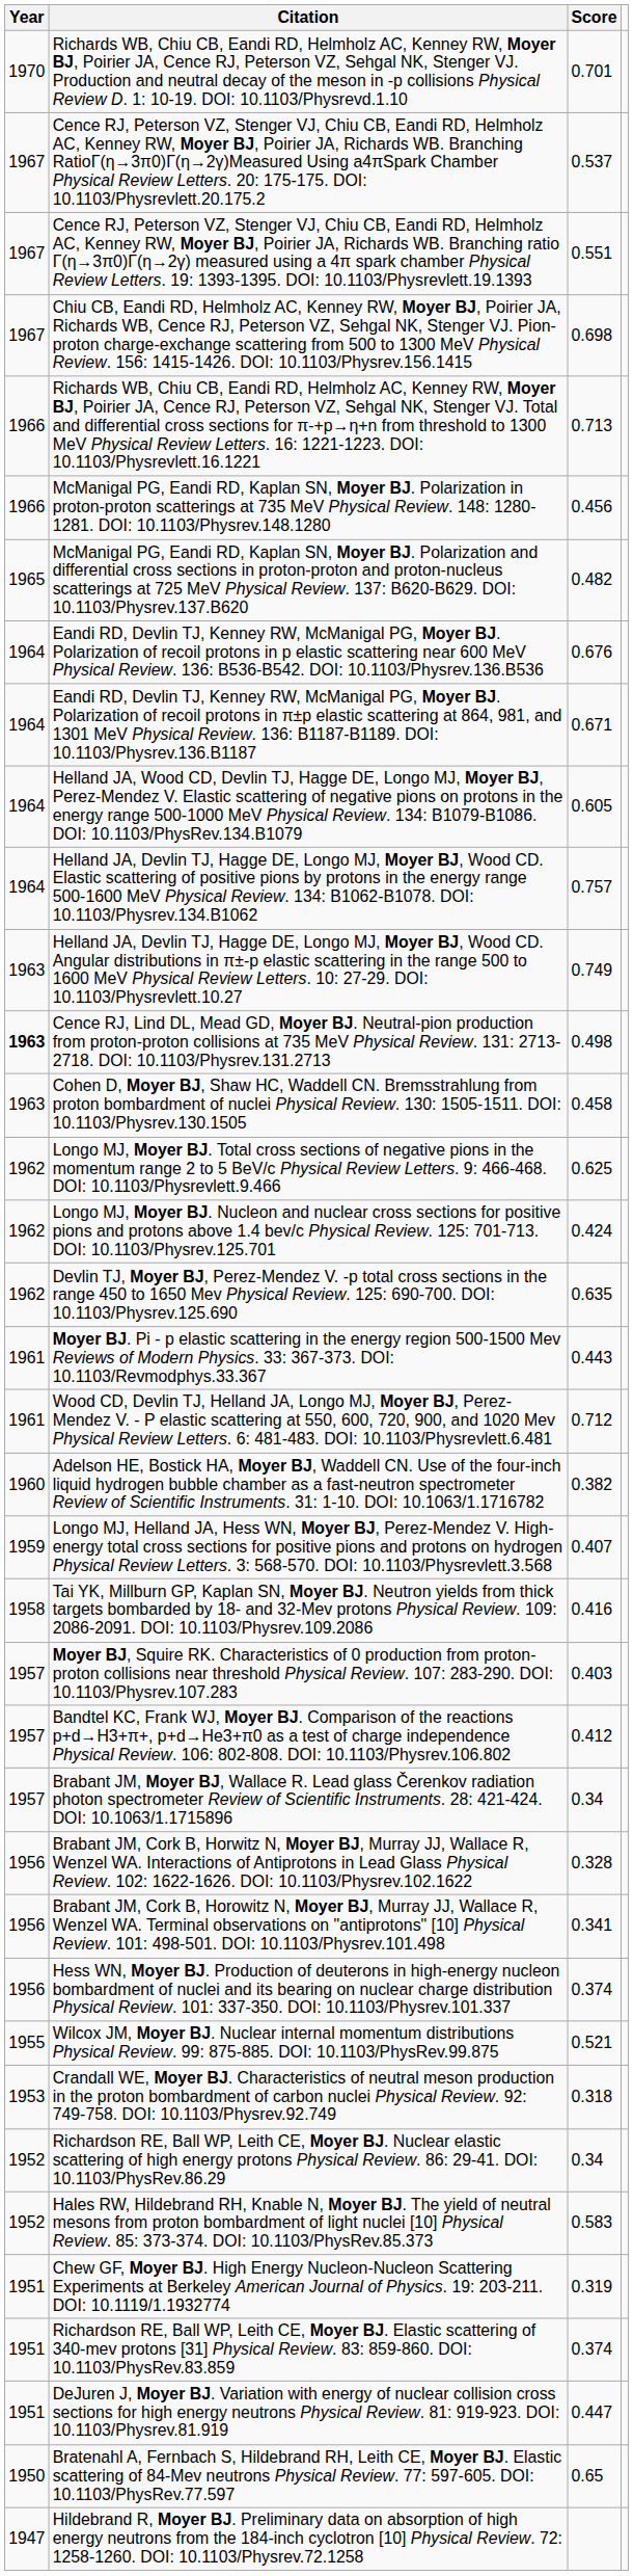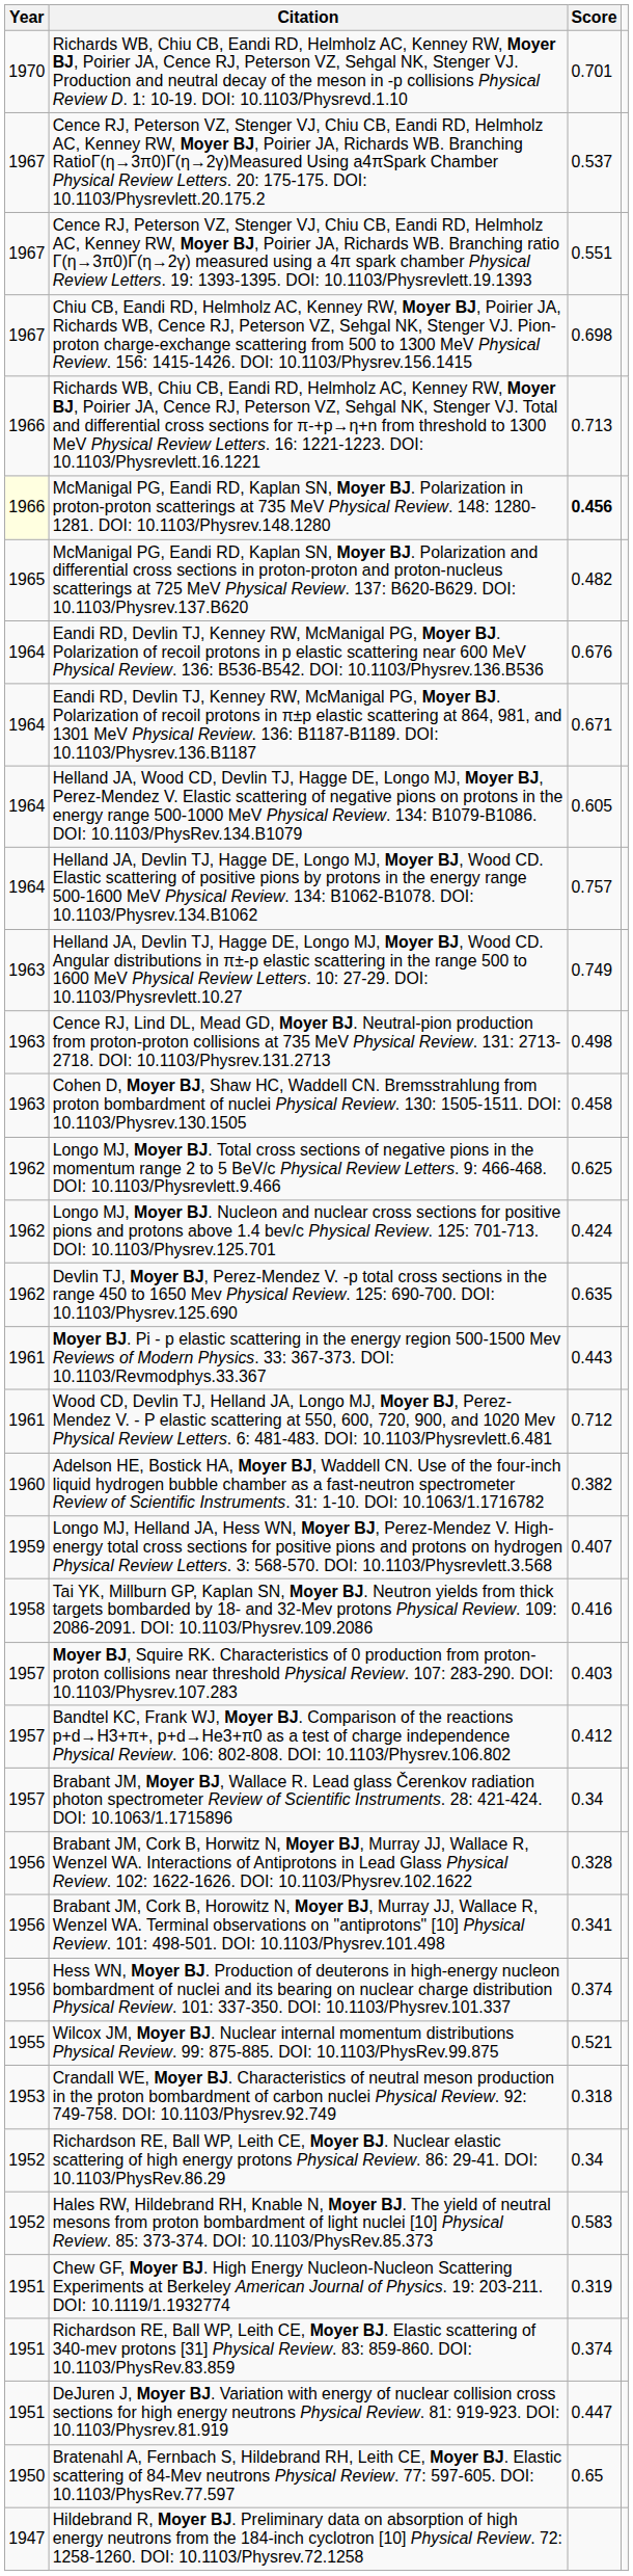 <table class="wikitable">
 <tr>
 <th>Year</th>
 <th>Citation</th>
 <th>Score</th>
 </tr>
 <tr>
 <td>1970</td>
 <td>Richards WB, Chiu CB, Eandi RD, Helmholz AC, Kenney RW, <strong>Moyer  BJ</strong>, Poirier JA, Cence RJ, Peterson VZ, Sehgal NK, Stenger VJ. Production  and neutral decay of the meson in -p collisions <em>Physical Review D</em>. 1:  10-19. DOI: 10.1103/Physrevd.1.10</td>
 <td>0.701</td>
 <td></td>
 </tr>
 <tr>
 <td>1967</td>
 <td>Cence RJ, Peterson  VZ, Stenger VJ, Chiu CB, Eandi RD,  Helmholz AC, Kenney RW, <strong>Moyer BJ</strong>, Poirier JA, Richards WB. Branching  RatioΓ(η→3π0)Γ(η→2γ)Measured Using a4πSpark Chamber <em>Physical Review  Letters</em>. 20: 175-175. DOI: 10.1103/Physrevlett.20.175.2</td>
 <td>0.537</td>
 <td></td>
 </tr>
 <tr>
 <td>1967</td>
 <td>Cence RJ, Peterson  VZ, Stenger VJ, Chiu CB, Eandi RD,  Helmholz AC, Kenney RW, <strong>Moyer BJ</strong>, Poirier JA, Richards WB.  Branching ratio Γ(η→3π0)Γ(η→2γ) measured using a 4π spark chamber <em>Physical  Review Letters</em>. 19: 1393-1395. DOI: 10.1103/Physrevlett.19.1393</td>
 <td>0.551</td>
 <td></td>
 </tr>
 <tr>
 <td>1967</td>
 <td>Chiu CB, Eandi RD, Helmholz AC, Kenney RW, <strong>Moyer  BJ</strong>, Poirier JA, Richards WB,  Cence RJ, Peterson VZ, Sehgal NK, Stenger VJ. Pion-proton charge-exchange  scattering from 500 to 1300 MeV <em>Physical Review</em>. 156: 1415-1426. DOI: 10.1103/Physrev.156.1415</td>
 <td>0.698</td>
 <td></td>
 </tr>
 <tr>
 <td>1966</td>
 <td>Richards WB, Chiu CB, Eandi RD, Helmholz AC, Kenney RW, <strong>Moyer  BJ</strong>, Poirier JA, Cence RJ, Peterson VZ, Sehgal NK, Stenger VJ. Total and  differential cross sections for π-+p→η+n from threshold to 1300 MeV <em>Physical  Review Letters</em>. 16: 1221-1223. DOI: 10.1103/Physrevlett.16.1221</td>
 <td>0.713</td>
 <td></td>
 </tr>
 <tr>
-<td>1966</td>
+<td style="background: lightyellow;">1966</td>
 <td>McManigal PG,  Eandi RD, Kaplan SN, <strong>Moyer BJ</strong>. Polarization in proton-proton  scatterings at 735 MeV <em>Physical Review</em>. 148: 1280-1281. DOI: 10.1103/Physrev.148.1280</td>
-<td>0.456</td>
+<td><strong>0.456</strong></td>
 <td></td>
 </tr>
 <tr>
 <td>1965</td>
 <td>McManigal PG,  Eandi RD, Kaplan SN, <strong>Moyer BJ</strong>. Polarization and differential cross  sections in proton-proton and proton-nucleus scatterings at 725 MeV <em>Physical  Review</em>. 137: B620-B629. DOI: 10.1103/Physrev.137.B620</td>
 <td>0.482</td>
 <td></td>
 </tr>
 <tr>
 <td>1964</td>
 <td>Eandi RD, Devlin TJ, Kenney RW,  McManigal PG, <strong>Moyer BJ</strong>. Polarization of recoil protons in p elastic  scattering near 600 MeV <em>Physical Review</em>. 136: B536-B542. DOI: 10.1103/Physrev.136.B536</td>
 <td>0.676</td>
 <td></td>
 </tr>
 <tr>
 <td>1964</td>
 <td>Eandi RD, Devlin TJ, Kenney RW,  McManigal PG, <strong>Moyer BJ</strong>. Polarization of recoil protons in π±p elastic  scattering at 864, 981, and 1301 MeV <em>Physical Review</em>. 136:  B1187-B1189. DOI: 10.1103/Physrev.136.B1187</td>
 <td>0.671</td>
 <td></td>
 </tr>
 <tr>
 <td>1964</td>
 <td>Helland JA, Wood  CD, Devlin TJ, Hagge DE, Longo  MJ, <strong>Moyer BJ</strong>, Perez-Mendez V. Elastic scattering of negative pions on  protons in the energy range 500-1000 MeV <em>Physical Review</em>. 134:  B1079-B1086. DOI: 10.1103/PhysRev.134.B1079</td>
 <td>0.605</td>
 <td></td>
 </tr>
 <tr>
 <td>1964</td>
 <td>Helland JA, Devlin TJ, Hagge DE, Longo MJ, <strong>Moyer BJ</strong>,  Wood CD. Elastic scattering of positive pions by protons in the energy range  500-1600 MeV <em>Physical Review</em>. 134: B1062-B1078. DOI: 10.1103/Physrev.134.B1062</td>
 <td>0.757</td>
 <td></td>
 </tr>
 <tr>
 <td>1963</td>
 <td>Helland JA, Devlin TJ, Hagge DE, Longo MJ, <strong>Moyer BJ</strong>,  Wood CD. Angular distributions in π±-p elastic scattering in the range 500 to  1600 MeV <em>Physical Review Letters</em>. 10: 27-29. DOI: 10.1103/Physrevlett.10.27</td>
 <td>0.749</td>
 <td></td>
 </tr>
 <tr>
-<td><strong>1963</strong></td>
+<td>1963</td>
 <td>Cence RJ, Lind DL,  Mead GD, <strong>Moyer BJ</strong>. Neutral-pion production from proton-proton  collisions at 735 MeV <em>Physical Review</em>. 131: 2713-2718. DOI: 10.1103/Physrev.131.2713</td>
 <td>0.498</td>
 <td></td>
 </tr>
 <tr>
 <td>1963</td>
 <td>Cohen D, <strong>Moyer  BJ</strong>, Shaw HC, Waddell CN. Bremsstrahlung from proton bombardment of nuclei  <em>Physical Review</em>. 130: 1505-1511. DOI: 10.1103/Physrev.130.1505</td>
 <td>0.458</td>
 <td></td>
 </tr>
 <tr>
 <td>1962</td>
 <td>Longo MJ, <strong>Moyer BJ</strong>.  Total cross sections of negative pions in the momentum range 2 to 5 BeV/c <em>Physical  Review Letters</em>. 9: 466-468. DOI: 10.1103/Physrevlett.9.466</td>
 <td>0.625</td>
 <td></td>
 </tr>
 <tr>
 <td>1962</td>
 <td>Longo MJ, <strong>Moyer  BJ</strong>. Nucleon and nuclear cross sections for positive pions and protons  above 1.4 bev/c <em>Physical Review</em>. 125: 701-713. DOI: 10.1103/Physrev.125.701</td>
 <td>0.424</td>
 <td></td>
 </tr>
 <tr>
 <td>1962</td>
 <td>Devlin TJ, <strong>Moyer BJ</strong>,  Perez-Mendez V. -p total cross sections in the range 450 to 1650 Mev <em>Physical  Review</em>. 125: 690-700. DOI: 10.1103/Physrev.125.690</td>
 <td>0.635</td>
 <td></td>
 </tr>
 <tr>
 <td>1961</td>
 <td><strong>Moyer BJ</strong>. Pi - p elastic  scattering in the energy region 500-1500 Mev <em>Reviews of Modern Physics</em>.  33: 367-373. DOI: 10.1103/Revmodphys.33.367</td>
 <td>0.443</td>
 <td></td>
 </tr>
 <tr>
 <td>1961</td>
 <td>Wood CD, Devlin TJ, Helland JA, Longo MJ, <strong>Moyer BJ</strong>,  Perez-Mendez V. - P elastic scattering at 550, 600, 720, 900, and 1020 Mev <em>Physical  Review Letters</em>. 6: 481-483. DOI: 10.1103/Physrevlett.6.481</td>
 <td>0.712</td>
 <td></td>
 </tr>
 <tr>
 <td>1960</td>
 <td>Adelson HE,  Bostick HA, <strong>Moyer BJ</strong>, Waddell CN. Use of the four-inch liquid hydrogen  bubble chamber as a fast-neutron spectrometer <em>Review of Scientific  Instruments</em>. 31: 1-10. DOI: 10.1063/1.1716782</td>
 <td>0.382</td>
 <td></td>
 </tr>
 <tr>
 <td>1959</td>
 <td>Longo MJ, Helland  JA, Hess WN, <strong>Moyer BJ</strong>, Perez-Mendez V. High-energy total cross  sections for positive pions and protons on hydrogen <em>Physical Review  Letters</em>. 3: 568-570. DOI: 10.1103/Physrevlett.3.568</td>
 <td>0.407</td>
 <td></td>
 </tr>
 <tr>
 <td>1958</td>
 <td>Tai YK, Millburn  GP, Kaplan SN, <strong>Moyer BJ</strong>. Neutron yields from thick targets bombarded  by 18- and 32-Mev protons <em>Physical Review</em>. 109: 2086-2091. DOI: 10.1103/Physrev.109.2086</td>
 <td>0.416</td>
 <td></td>
 </tr>
 <tr>
 <td>1957</td>
 <td><strong>Moyer BJ</strong>, Squire RK.  Characteristics of 0 production from proton-proton collisions near threshold <em>Physical  Review</em>. 107: 283-290. DOI: 10.1103/Physrev.107.283</td>
 <td>0.403</td>
 <td></td>
 </tr>
 <tr>
 <td>1957</td>
 <td>Bandtel KC, Frank  WJ, <strong>Moyer BJ</strong>. Comparison of the reactions p+d→H3+π+, p+d→He3+π0 as a  test of charge independence <em>Physical Review</em>. 106: 802-808. DOI: 10.1103/Physrev.106.802</td>
 <td>0.412</td>
 <td></td>
 </tr>
 <tr>
 <td>1957</td>
 <td>Brabant JM, <strong>Moyer  BJ</strong>, Wallace R. Lead glass Čerenkov radiation photon spectrometer <em>Review  of Scientific Instruments</em>. 28: 421-424. DOI: 10.1063/1.1715896</td>
 <td>0.34</td>
 <td></td>
 </tr>
 <tr>
 <td>1956</td>
 <td>Brabant JM, Cork  B, Horwitz N, <strong>Moyer BJ</strong>, Murray JJ, Wallace R, Wenzel WA. Interactions  of Antiprotons in Lead Glass <em>Physical Review</em>. 102: 1622-1626. DOI: 10.1103/Physrev.102.1622</td>
 <td>0.328</td>
 <td></td>
 </tr>
 <tr>
 <td>1956</td>
 <td>Brabant JM, Cork  B, Horowitz N, <strong>Moyer BJ</strong>, Murray JJ, Wallace R, Wenzel WA. Terminal  observations on "antiprotons" [10] <em>Physical Review</em>. 101:  498-501. DOI: 10.1103/Physrev.101.498</td>
 <td>0.341</td>
 <td></td>
 </tr>
 <tr>
 <td>1956</td>
 <td>Hess WN, <strong>Moyer  BJ</strong>. Production of deuterons in high-energy nucleon bombardment of nuclei  and its bearing on nuclear charge distribution <em>Physical Review</em>. 101:  337-350. DOI: 10.1103/Physrev.101.337</td>
 <td>0.374</td>
 <td></td>
 </tr>
 <tr>
 <td>1955</td>
 <td>Wilcox JM, <strong>Moyer BJ</strong>.  Nuclear internal momentum distributions <em>Physical Review</em>. 99: 875-885.  DOI: 10.1103/PhysRev.99.875</td>
 <td>0.521</td>
 <td></td>
 </tr>
 <tr>
 <td>1953</td>
 <td>Crandall WE, <strong>Moyer  BJ</strong>. Characteristics of neutral meson production in the proton bombardment  of carbon nuclei <em>Physical Review</em>. 92: 749-758. DOI: 10.1103/Physrev.92.749</td>
 <td>0.318</td>
 <td></td>
 </tr>
 <tr>
 <td>1952</td>
 <td>Richardson RE,  Ball WP, Leith CE, <strong>Moyer BJ</strong>. Nuclear elastic scattering of high energy  protons <em>Physical Review</em>. 86: 29-41. DOI: 10.1103/PhysRev.86.29</td>
 <td>0.34</td>
 <td></td>
 </tr>
 <tr>
 <td>1952</td>
 <td>Hales RW, Hildebrand RH, Knable N, <strong>Moyer  BJ</strong>. The yield of neutral mesons from proton bombardment of light nuclei  [10] <em>Physical Review</em>. 85: 373-374. DOI: 10.1103/PhysRev.85.373</td>
 <td>0.583</td>
 <td></td>
 </tr>
 <tr>
 <td>1951</td>
 <td>Chew GF, <strong>Moyer  BJ</strong>. High Energy Nucleon-Nucleon Scattering Experiments at Berkeley <em>American  Journal of Physics</em>. 19: 203-211. DOI: 10.1119/1.1932774</td>
 <td>0.319</td>
 <td></td>
 </tr>
 <tr>
 <td>1951</td>
 <td>Richardson RE,  Ball WP, Leith CE, <strong>Moyer BJ</strong>. Elastic scattering of 340-mev protons  [31] <em>Physical Review</em>. 83: 859-860. DOI: 10.1103/PhysRev.83.859</td>
 <td>0.374</td>
 <td></td>
 </tr>
 <tr>
 <td>1951</td>
 <td>DeJuren J, <strong>Moyer  BJ</strong>. Variation with energy of nuclear collision cross sections for high  energy neutrons <em>Physical Review</em>. 81: 919-923. DOI: 10.1103/Physrev.81.919</td>
 <td>0.447</td>
 <td></td>
 </tr>
 <tr>
 <td>1950</td>
 <td>Bratenahl A,  Fernbach S, Hildebrand RH, Leith CE, <strong>Moyer  BJ</strong>. Elastic scattering of 84-Mev neutrons <em>Physical Review</em>. 77:  597-605. DOI: 10.1103/PhysRev.77.597</td>
 <td>0.65</td>
 <td></td>
 </tr>
 <tr>
 <td>1947</td>
 <td>Hildebrand R, <strong>Moyer BJ</strong>.  Preliminary data on absorption of high energy neutrons from the 184-inch  cyclotron [10] <em>Physical Review</em>. 72: 1258-1260. DOI: 10.1103/Physrev.72.1258</td>
 <td></td>
 <td></td>
 </tr>
 </table>
